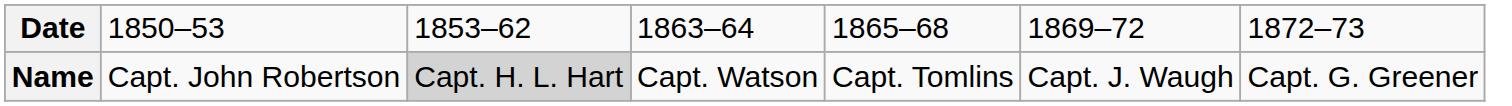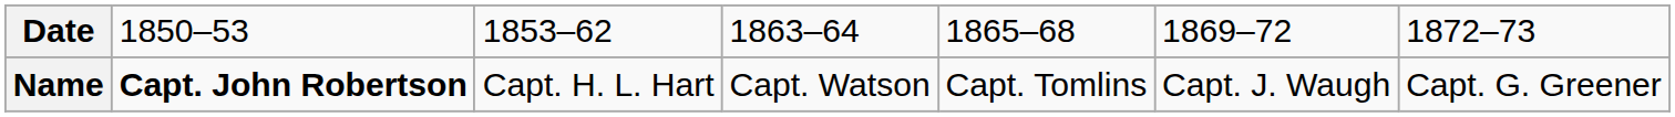 <table class="wikitable">
 <tr>
 <th>Date</th>
 <td>1850–53</td>
 <td>1853–62</td>
 <td>1863–64</td>
 <td>1865–68</td>
 <td>1869–72</td>
 <td>1872–73</td>
 </tr>
 <tr>
 <th>Name</th>
-<td>Capt. John Robertson</td>
-<td style="background: lightgrey;">Capt. H. L. Hart</td>
+<td><strong>Capt. John Robertson</strong></td>
+<td>Capt. H. L. Hart</td>
 <td>Capt. Watson</td>
 <td>Capt. Tomlins</td>
 <td>Capt. J. Waugh</td>
 <td>Capt. G. Greener</td>
 </tr>
 </table>
